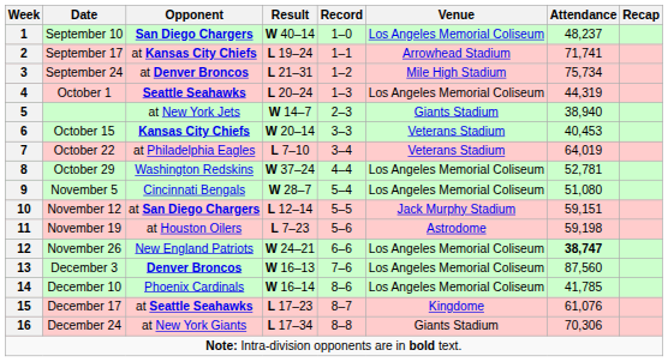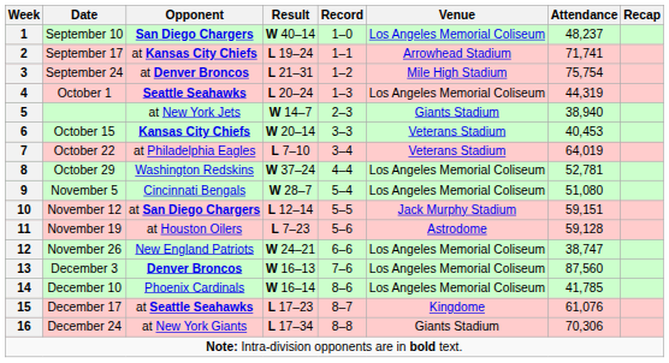 <table class="wikitable" style="text-align:center">
 <tr>
 <th>Week</th>
 <th>Date</th>
 <th>Opponent</th>
 <th>Result</th>
 <th>Record</th>
 <th>Venue</th>
 <th>Attendance</th>
 <th>Recap</th>
 </tr>
 <tr style="background: #cfc;">
 <th>1</th>
 <td>September 10</td>
 <td><strong><a href='#'>San Diego Chargers</a></strong></td>
 <td><strong>W</strong> 40–14</td>
 <td>1–0</td>
 <td><a href='#'>Los Angeles Memorial Coliseum</a></td>
 <td>48,237</td>
 <td></td>
 </tr>
 <tr style="background: #fcc;">
 <th>2</th>
 <td>September 17</td>
 <td>at <strong><a href='#'>Kansas City Chiefs</a></strong></td>
 <td><strong>L</strong> 19–24</td>
 <td>1–1</td>
 <td><a href='#'>Arrowhead Stadium</a></td>
 <td>71,741</td>
 <td></td>
 </tr>
 <tr style="background: #fcc;">
 <th>3</th>
 <td>September 24</td>
 <td>at <strong><a href='#'>Denver Broncos</a></strong></td>
 <td><strong>L</strong> 21–31</td>
 <td>1–2</td>
 <td><a href='#'>Mile High Stadium</a></td>
-<td>75,734</td>
+<td>75,754</td>
 <td></td>
 </tr>
 <tr style="background: #fcc;">
 <th>4</th>
 <td>October 1</td>
 <td><strong><a href='#'>Seattle Seahawks</a></strong></td>
 <td><strong>L</strong> 20–24</td>
 <td>1–3</td>
 <td>Los Angeles Memorial Coliseum</td>
 <td>44,319</td>
 <td></td>
 </tr>
 <tr style="background: #cfc;">
 <th>5</th>
 <td></td>
 <td>at <a href='#'>New York Jets</a></td>
 <td><strong>W</strong> 14–7</td>
 <td>2–3</td>
 <td><a href='#'>Giants Stadium</a></td>
 <td>38,940</td>
 <td></td>
 </tr>
 <tr style="background: #cfc;">
 <th>6</th>
 <td>October 15</td>
 <td><strong><a href='#'>Kansas City Chiefs</a></strong></td>
 <td><strong>W</strong> 20–14</td>
 <td>3–3</td>
 <td><a href='#'>Veterans Stadium</a></td>
 <td>40,453</td>
 <td></td>
 </tr>
 <tr style="background: #fcc;">
 <th>7</th>
 <td>October 22</td>
 <td>at <a href='#'>Philadelphia Eagles</a></td>
 <td><strong>L</strong> 7–10</td>
 <td>3–4</td>
 <td><a href='#'>Veterans Stadium</a></td>
 <td>64,019</td>
 <td></td>
 </tr>
 <tr style="background: #cfc;">
 <th>8</th>
 <td>October 29</td>
 <td><a href='#'>Washington Redskins</a></td>
 <td><strong>W</strong> 37–24</td>
 <td>4–4</td>
 <td>Los Angeles Memorial Coliseum</td>
 <td>52,781</td>
 <td></td>
 </tr>
 <tr style="background: #cfc;">
 <th>9</th>
 <td>November 5</td>
 <td><a href='#'>Cincinnati Bengals</a></td>
 <td><strong>W</strong> 28–7</td>
 <td>5–4</td>
 <td>Los Angeles Memorial Coliseum</td>
 <td>51,080</td>
 <td></td>
 </tr>
 <tr style="background: #fcc;">
 <th>10</th>
 <td>November 12</td>
 <td>at <strong><a href='#'>San Diego Chargers</a></strong></td>
 <td><strong>L</strong> 12–14</td>
 <td>5–5</td>
 <td><a href='#'>Jack Murphy Stadium</a></td>
 <td>59,151</td>
 <td></td>
 </tr>
 <tr style="background: #fcc;">
 <th>11</th>
 <td>November 19</td>
 <td>at <a href='#'>Houston Oilers</a></td>
 <td><strong>L</strong> 7–23</td>
 <td>5–6</td>
 <td><a href='#'>Astrodome</a></td>
-<td>59,198</td>
+<td>59,128</td>
 <td></td>
 </tr>
 <tr style="background: #cfc;">
 <th>12</th>
 <td>November 26</td>
 <td><a href='#'>New England Patriots</a></td>
 <td><strong>W</strong> 24–21</td>
 <td>6–6</td>
 <td>Los Angeles Memorial Coliseum</td>
-<td><strong>38,747</strong></td>
+<td>38,747</td>
 <td></td>
 </tr>
 <tr style="background: #cfc;">
 <th>13</th>
 <td>December 3</td>
 <td><strong><a href='#'>Denver Broncos</a></strong></td>
 <td><strong>W</strong> 16–13</td>
 <td>7–6</td>
 <td>Los Angeles Memorial Coliseum</td>
 <td>87,560</td>
 <td></td>
 </tr>
 <tr style="background: #cfc;">
 <th>14</th>
 <td>December 10</td>
 <td><a href='#'>Phoenix Cardinals</a></td>
 <td><strong>W</strong> 16–14</td>
 <td>8–6</td>
 <td>Los Angeles Memorial Coliseum</td>
 <td>41,785</td>
 <td></td>
 </tr>
 <tr style="background: #fcc;">
 <th>15</th>
 <td>December 17</td>
 <td>at <strong><a href='#'>Seattle Seahawks</a></strong></td>
 <td><strong>L</strong> 17–23</td>
 <td>8–7</td>
 <td><a href='#'>Kingdome</a></td>
 <td>61,076</td>
 <td></td>
 </tr>
 <tr style="background: #fcc;">
 <th>16</th>
 <td>December 24</td>
 <td>at <a href='#'>New York Giants</a></td>
 <td><strong>L</strong> 17–34</td>
 <td>8–8</td>
 <td>Giants Stadium</td>
 <td>70,306</td>
 <td></td>
 </tr>
 <tr>
 <td colspan="8"><strong>Note:</strong> Intra-division opponents are in <strong>bold</strong> text.</td>
 </tr>
 </table>
